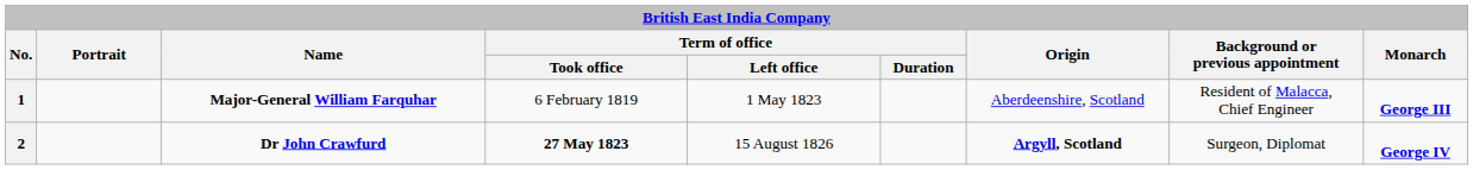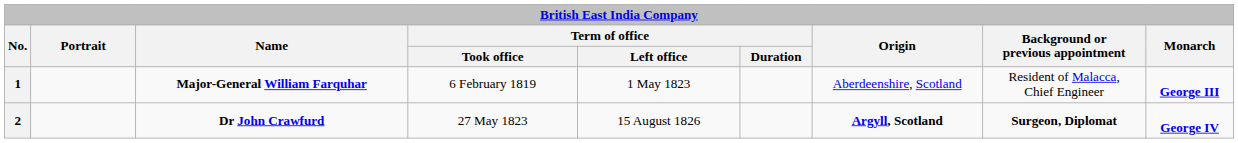 <table class=wikitable style=text-align:center width=1500px>
 <tr>
 <th style=background:silver colspan=9> <a href='#'>British East India Company</a> </th>
 </tr>
 <tr>
 <th rowspan=2 width=25px>No.</th>
 <th rowspan=2 width=120px>Portrait</th>
 <th rowspan=2 width=325px>Name<br></th>
 <th colspan=3 width=400px>Term of office</th>
 <th rowspan=2>Origin</th>
 <th rowspan=2>Background or<br>previous appointment</th>
 <th rowspan=2 width=100px>Monarch</th>
 </tr>
 <tr>
 <th>Took office</th>
 <th>Left office</th>
 <th width=80px>Duration</th>
 </tr>
 <tr>
 <th rowspan=2>1</th>
 <td rowspan=2></td>
 <td rowspan=2><strong>Major-General <a href='#'>William Farquhar</a></strong><br></td>
 <td rowspan=2>6 February 1819</td>
 <td rowspan=2>1 May 1823</td>
 <td rowspan=2></td>
 <td rowspan=2><a href='#'>Aberdeenshire</a>, <a href='#'>Scotland</a></td>
 <td rowspan=2>Resident of <a href='#'>Malacca</a>,<br>Chief Engineer</td>
 <td><br><strong><a href='#'>George III</a></strong></td>
 </tr>
 <tr>
 <td rowspan=2><br><strong><a href='#'>George IV</a></strong></td>
 </tr>
 <tr>
 <th>2</th>
 <td></td>
 <td><strong>Dr <a href='#'>John Crawfurd</a></strong><br></td>
-<td><strong>27 May 1823</strong></td>
+<td>27 May 1823</td>
 <td>15 August 1826</td>
 <td></td>
 <td><strong><a href='#'>Argyll</a>, Scotland</strong></td>
-<td>Surgeon, Diplomat</td>
+<td><strong>Surgeon, Diplomat</strong></td>
 </tr>
 </table>
